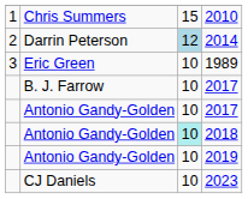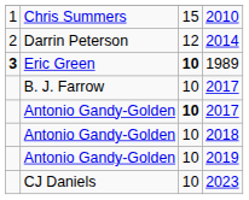 <table class="wikitable">
 <tr>
 </tr>
 <tr>
 <td>1</td>
 <td><a href='#'>Chris Summers</a></td>
 <td>15</td>
 <td><a href='#'>2010</a></td>
 </tr>
 <tr>
 <td>2</td>
 <td>Darrin Peterson</td>
-<td style="background: lightblue;">12</td>
+<td>12</td>
 <td><a href='#'>2014</a></td>
 </tr>
 <tr>
-<td>3</td>
+<td><strong>3</strong></td>
 <td><a href='#'>Eric Green</a></td>
-<td>10</td>
+<td><strong>10</strong></td>
 <td>1989</td>
 </tr>
 <tr>
 <td></td>
 <td>B. J. Farrow</td>
 <td>10</td>
 <td><a href='#'>2017</a></td>
 </tr>
 <tr>
 <td></td>
 <td><a href='#'>Antonio Gandy-Golden</a></td>
-<td>10</td>
+<td><strong>10</strong></td>
 <td><a href='#'>2017</a></td>
 </tr>
 <tr>
 <td></td>
 <td><a href='#'>Antonio Gandy-Golden</a></td>
-<td style="background: paleturquoise;">10</td>
+<td>10</td>
 <td><a href='#'>2018</a></td>
 </tr>
 <tr>
 <td></td>
 <td><a href='#'>Antonio Gandy-Golden</a></td>
 <td>10</td>
 <td><a href='#'>2019</a></td>
 </tr>
 <tr>
 <td></td>
 <td>CJ Daniels</td>
 <td>10</td>
 <td><a href='#'>2023</a></td>
 </tr>
 </table>
